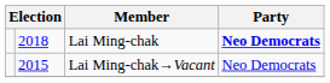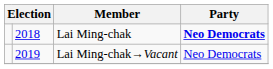 <table class="wikitable">
 <tr>
 <th colspan="2">Election</th>
 <th>Member</th>
 <th>Party</th>
 </tr>
 <tr>
 <td style="background-color:"></td>
 <td><a href='#'>2018</a></td>
 <td>Lai Ming-chak</td>
 <td><strong><a href='#'>Neo Democrats</a></strong></td>
 </tr>
 <tr>
 <td style="background-color:"></td>
-<td><a href='#'>2015</a></td>
+<td><a href='#'>2019</a></td>
 <td>Lai Ming-chak→<em>Vacant</em></td>
 <td><a href='#'>Neo Democrats</a></td>
 </tr>
 <tr>
 </tr>
 </table>
